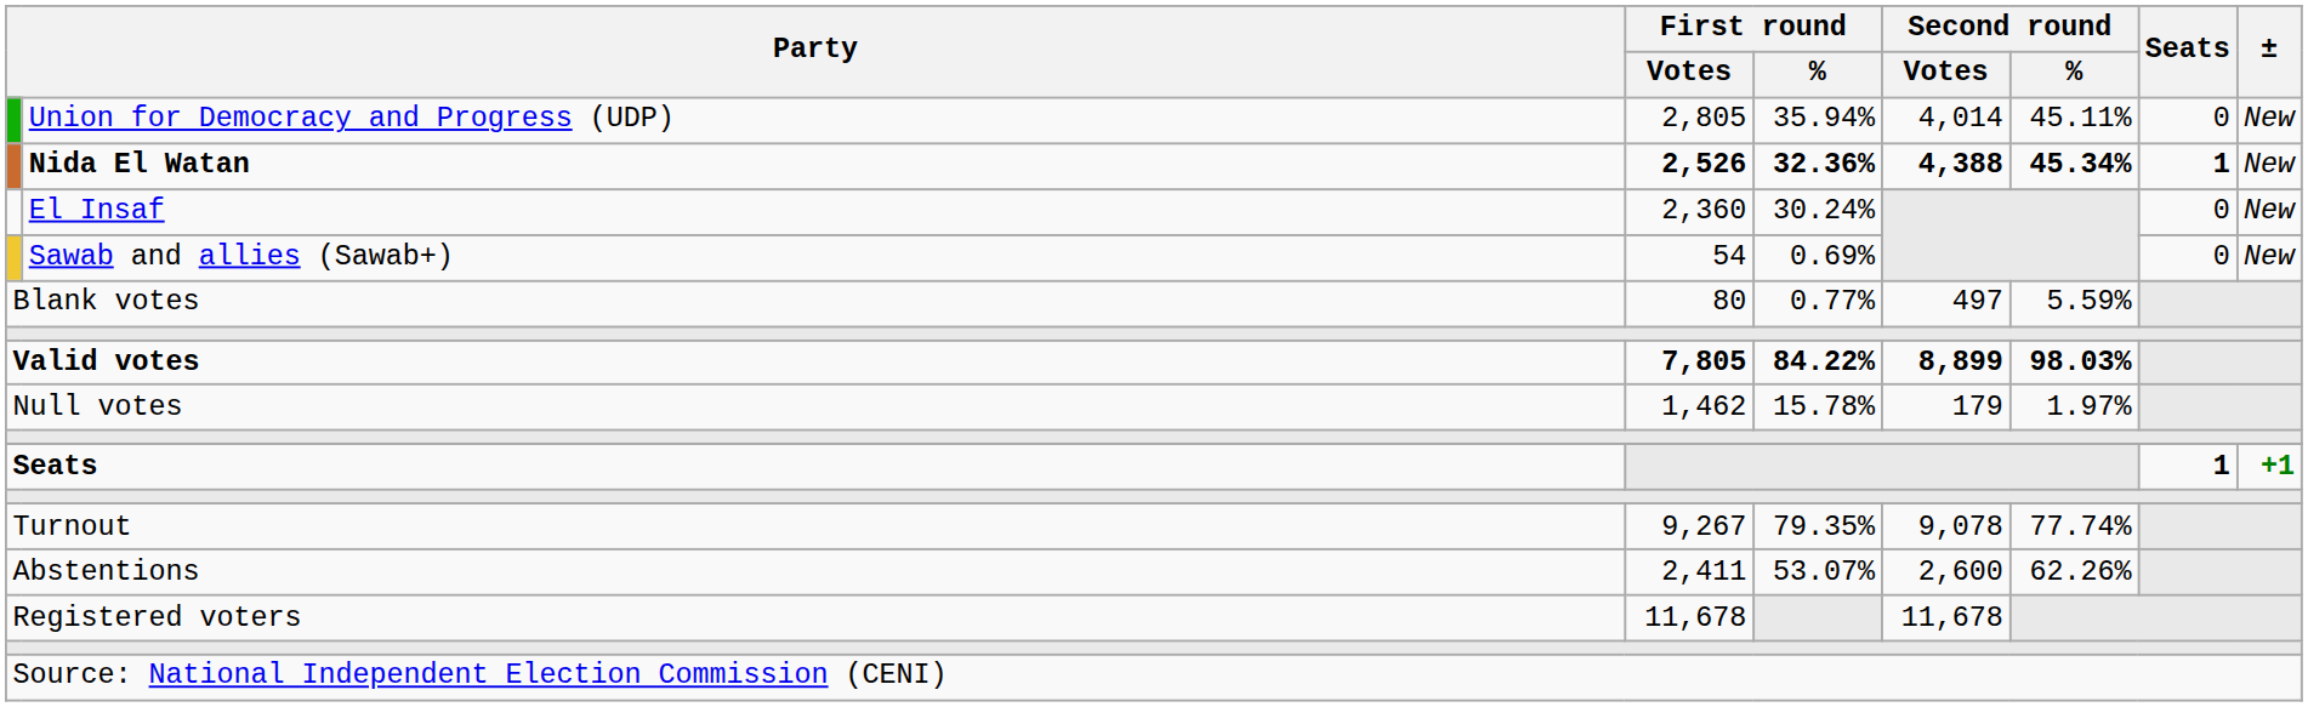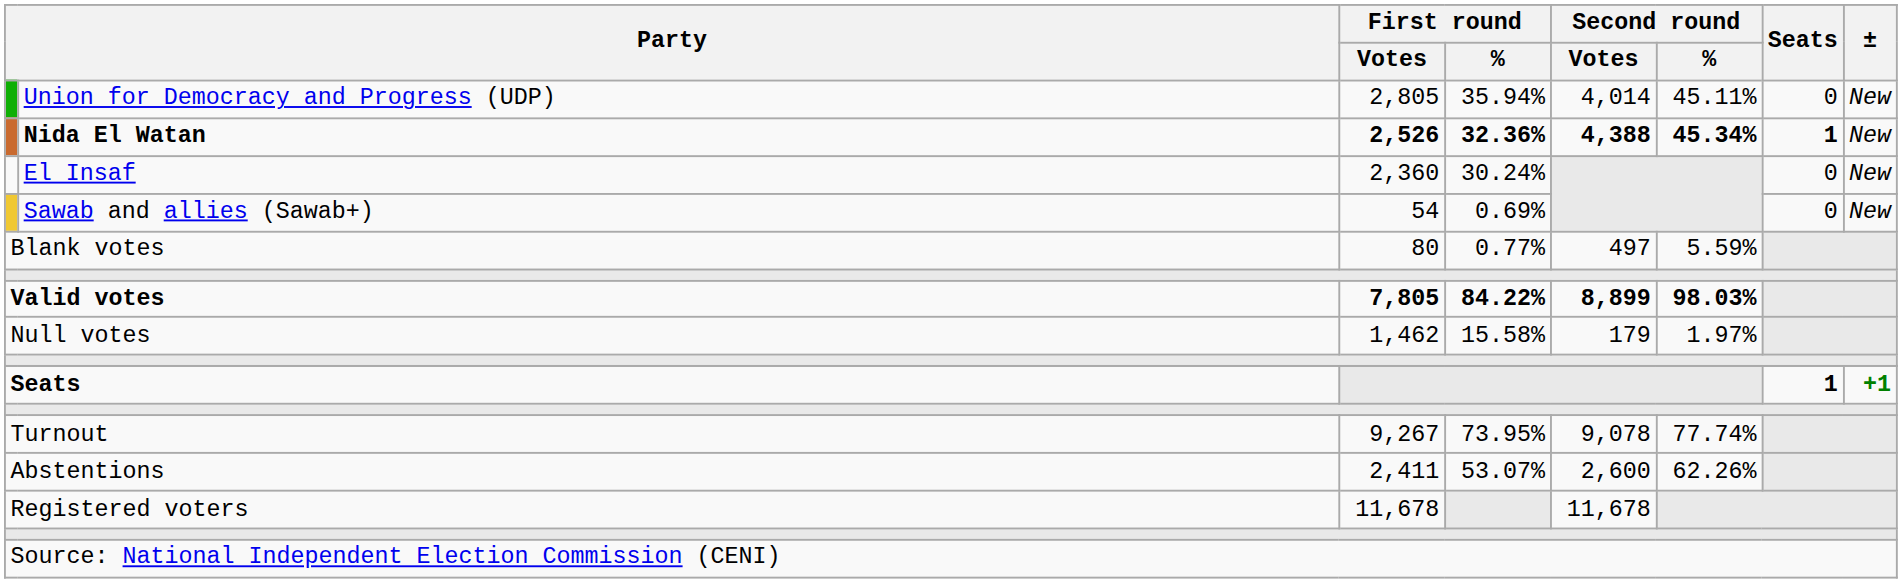 <table class="wikitable" style="text-align:right;font-size:95%;">
 <tr>
 <th rowspan="2" colspan="2" width="700">Party</th>
 <th colspan="2">First round</th>
 <th colspan="2">Second round</th>
 <th rowspan="2" width="25">Seats</th>
 <th rowspan="2" width="20">±</th>
 </tr>
 <tr>
 <th width="50">Votes</th>
 <th width="50">%</th>
 <th width="50">Votes</th>
 <th width="50">%</th>
 </tr>
 <tr>
 <td width="1" style="color:inherit;background:#0FAF05;"></td>
 <td style="text-align:left;"><a href='#'>Union for Democracy and Progress</a> (UDP)</td>
 <td>2,805</td>
 <td>35.94%</td>
 <td>4,014</td>
 <td>45.11%</td>
 <td>0</td>
 <td><em>New</em></td>
 </tr>
 <tr>
 <td width="1" style="color:inherit;background:#C96A2F;"></td>
 <td style="text-align:left;"><strong>Nida El Watan</strong></td>
 <td><strong>2,526</strong></td>
 <td><strong>32.36%</strong></td>
 <td><strong>4,388</strong></td>
 <td><strong>45.34%</strong></td>
 <td><strong>1</strong></td>
 <td><em>New</em></td>
 </tr>
 <tr>
 <td width="1" style="color:inherit;background:"></td>
 <td style="text-align:left;"><a href='#'>El Insaf</a></td>
 <td>2,360</td>
 <td>30.24%</td>
 <td colspan="2" rowspan="2" style="background:#E9E9E9;"></td>
 <td>0</td>
 <td><em>New</em></td>
 </tr>
 <tr>
 <td width="1" style="color:inherit;background:#F0C832;"></td>
 <td style="text-align:left;"><a href='#'>Sawab</a> and <a href='#'>allies</a> (Sawab+)</td>
 <td>54</td>
 <td>0.69%</td>
 <td>0</td>
 <td><em>New</em></td>
 </tr>
 <tr>
 <td colspan="2" style="text-align:left;">Blank votes</td>
 <td>80</td>
 <td>0.77%</td>
 <td>497</td>
 <td>5.59%</td>
 <td colspan="2" style="background:#E9E9E9;"></td>
 </tr>
 <tr>
 <td colspan="8" style="background:#E9E9E9;"></td>
 </tr>
 <tr style="font-weight:bold;">
 <td colspan="2" style="text-align:left;">Valid votes</td>
 <td>7,805</td>
 <td>84.22%</td>
 <td>8,899</td>
 <td>98.03%</td>
 <td colspan="2" style="background:#E9E9E9;"></td>
 </tr>
 <tr>
 <td colspan="2" style="text-align:left;">Null votes</td>
 <td>1,462</td>
-<td>15.78%</td>
+<td>15.58%</td>
 <td>179</td>
 <td>1.97%</td>
 <td colspan="2" style="background:#E9E9E9;"></td>
 </tr>
 <tr>
 <td colspan="8" style="background:#E9E9E9;"></td>
 </tr>
 <tr>
 </tr>
 <tr style="font-weight:bold;">
 <td colspan="2" style="text-align:left;">Seats</td>
 <td colspan="4" style="background:#E9E9E9;"></td>
 <td>1</td>
 <td style="color:green;">+1</td>
 </tr>
 <tr>
 <td colspan="8" style="background:#E9E9E9;"></td>
 </tr>
 <tr>
 <td colspan="2" style="text-align:left;">Turnout</td>
 <td>9,267</td>
-<td>79.35%</td>
+<td>73.95%</td>
 <td>9,078</td>
 <td>77.74%</td>
 <td colspan="2" style="background:#E9E9E9;"></td>
 </tr>
 <tr>
 <td colspan="2" style="text-align:left;">Abstentions</td>
 <td>2,411</td>
 <td>53.07%</td>
 <td>2,600</td>
 <td>62.26%</td>
 <td colspan="2" style="background:#E9E9E9;"></td>
 </tr>
 <tr>
 <td colspan="2" style="text-align:left;">Registered voters</td>
 <td>11,678</td>
 <td style="color:inherit;background:#E9E9E9;"></td>
 <td>11,678</td>
 <td colspan="3" style="background:#E9E9E9;"></td>
 </tr>
 <tr>
 <td colspan="8" style="background:#E9E9E9;"></td>
 </tr>
 <tr>
 <td colspan="8" style="text-align:left;">Source: <a href='#'>National Independent Election Commission</a> (CENI)</td>
 </tr>
 </table>
